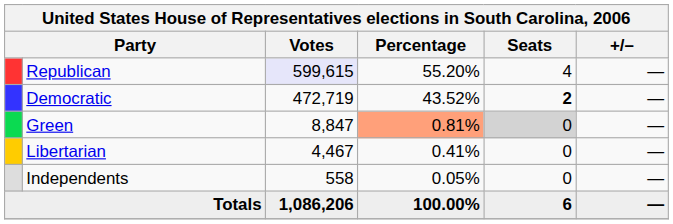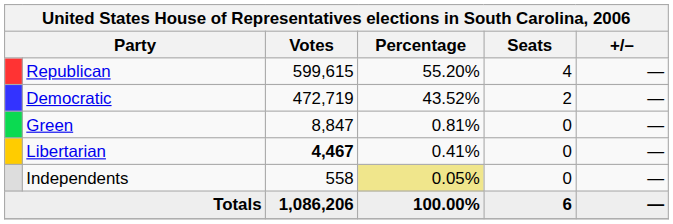 <table class="wikitable" style="font-size: 95%;">
 <tr>
 <th colspan="6">United States House of Representatives elections in South Carolina, 2006</th>
 </tr>
 <tr>
 <th colspan=2 style="width: 15em">Party</th>
 <th style="width: 5em">Votes</th>
 <th style="width: 7em">Percentage</th>
 <th style="width: 5em">Seats</th>
 <th style="width: 5em">+/–</th>
 </tr>
 <tr>
 <th style="background-color:#FF3333; width: 3px"></th>
 <td style="width: 130px"><a href='#'>Republican</a></td>
-<td align="right" style="background: lavender;">599,615</td>
+<td align="right">599,615</td>
 <td align="right">55.20%</td>
 <td align="right">4</td>
 <td align="right">—</td>
 </tr>
 <tr>
 <th style="background-color:#3333FF; width: 3px"></th>
 <td style="width: 130px"><a href='#'>Democratic</a></td>
 <td align="right">472,719</td>
 <td align="right">43.52%</td>
-<td align="right"><strong>2</strong></td>
+<td align="right">2</td>
 <td align="right">—</td>
 </tr>
 <tr>
 <th style="background-color:#0BDA51; width: 3px"></th>
 <td style="width: 130px"><a href='#'>Green</a></td>
 <td align="right">8,847</td>
-<td align="right" style="background: lightsalmon;">0.81%</td>
-<td align="right" style="background: lightgrey;">0</td>
+<td align="right">0.81%</td>
+<td align="right">0</td>
 <td align="right">—</td>
 </tr>
 <tr>
 <th style="background-color:#FFCC00; width: 3px"></th>
 <td style="width: 130px"><a href='#'>Libertarian</a></td>
-<td align="right">4,467</td>
+<td align="right"><strong>4,467</strong></td>
 <td align="right">0.41%</td>
 <td align="right">0</td>
 <td align="right">—</td>
 </tr>
 <tr>
 <th style="background-color:#DDDDDD; width: 3px"></th>
 <td style="width: 130px">Independents</td>
 <td align="right">558</td>
-<td align="right">0.05%</td>
+<td align="right" style="background: khaki;">0.05%</td>
 <td align="right">0</td>
 <td align="right">—</td>
 </tr>
 <tr bgcolor="#EEEEEE">
 <td colspan="2" align="right"><strong>Totals</strong></td>
 <td align="right"><strong>1,086,206</strong></td>
 <td align="right"><strong>100.00%</strong></td>
 <td align="right"><strong>6</strong></td>
 <td align="right"><strong>—</strong></td>
 </tr>
 <tr bgcolor="#EEEEEE">
 </tr>
 </table>
